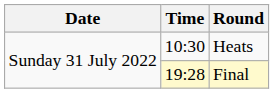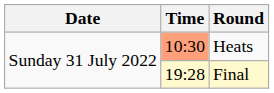 <table class="wikitable">
 <tr>
 <th>Date</th>
 <th>Time</th>
 <th>Round</th>
 </tr>
 <tr>
 <td rowspan=2>Sunday 31 July 2022</td>
-<td>10:30</td>
+<td style="background: lightsalmon;">10:30</td>
 <td>Heats</td>
 </tr>
 <tr>
 <td style=background:lemonchiffon>19:28</td>
 <td style=background:lemonchiffon>Final</td>
 </tr>
 </table>
